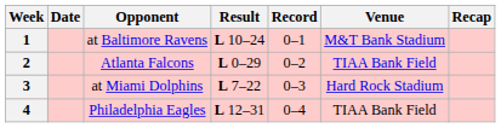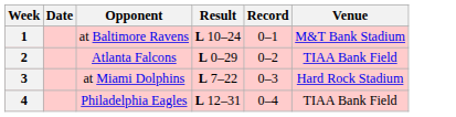 <table class="wikitable" style="text-align:center">
 <tr>
 <th>Week</th>
 <th>Date</th>
 <th>Opponent</th>
 <th>Result</th>
 <th>Record</th>
 <th>Venue</th>
-<th>Recap</th>
 </tr>
 <tr style="background:#fcc">
 <th>1</th>
 <td></td>
 <td>at <a href='#'>Baltimore Ravens</a></td>
 <td><strong>L</strong> 10–24</td>
 <td>0–1</td>
 <td><a href='#'>M&T Bank Stadium</a></td>
-<td></td>
 </tr>
 <tr style="background:#fcc">
 <th>2</th>
 <td></td>
 <td><a href='#'>Atlanta Falcons</a></td>
 <td><strong>L</strong> 0–29</td>
 <td>0–2</td>
 <td><a href='#'>TIAA Bank Field</a></td>
-<td></td>
 </tr>
 <tr style="background:#fcc">
 <th>3</th>
 <td></td>
 <td>at <a href='#'>Miami Dolphins</a></td>
 <td><strong>L</strong> 7–22</td>
 <td>0–3</td>
 <td><a href='#'>Hard Rock Stadium</a></td>
-<td></td>
 </tr>
 <tr style="background:#fcc">
 <th>4</th>
 <td></td>
 <td><a href='#'>Philadelphia Eagles</a></td>
 <td><strong>L</strong> 12–31</td>
 <td>0–4</td>
 <td>TIAA Bank Field</td>
-<td></td>
 </tr>
 </table>
